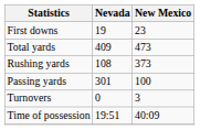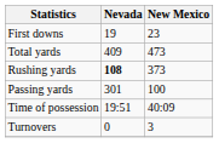 <table class="wikitable">
 <tr>
 <th>Statistics</th>
 <th>Nevada</th>
 <th>New Mexico</th>
 </tr>
 <tr>
 <td>First downs</td>
 <td>19</td>
 <td>23</td>
 </tr>
 <tr>
 <td>Total yards</td>
 <td>409</td>
 <td>473</td>
 </tr>
 <tr>
 <td>Rushing yards</td>
-<td>108</td>
+<td><strong>108</strong></td>
 <td>373</td>
 </tr>
 <tr>
 <td>Passing yards</td>
 <td>301</td>
 <td>100</td>
 </tr>
 <tr>
+<td>Time of possession</td>
+<td>19:51</td>
+<td>40:09</td>
+</tr>
+<tr>
 <td>Turnovers</td>
 <td>0</td>
 <td>3</td>
 </tr>
 <tr>
-<td>Time of possession</td>
-<td>19:51</td>
-<td>40:09</td>
-</tr>
-<tr>
 </tr>
 </table>
